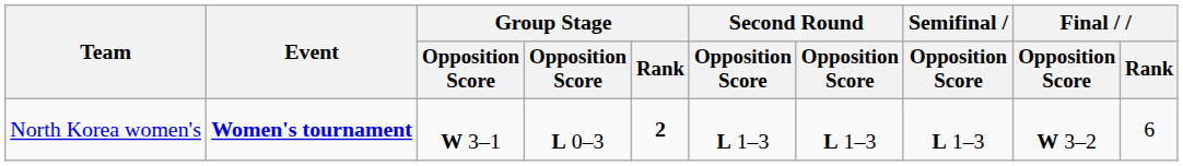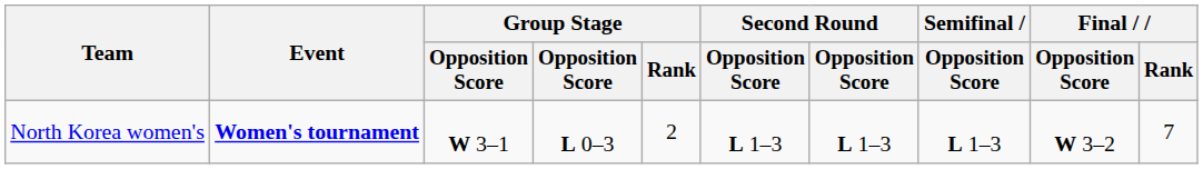 <table class=wikitable style=font-size:90%;text-align:center>
 <tr>
 <th rowspan=2>Team</th>
 <th rowspan=2>Event</th>
 <th colspan="3">Group Stage</th>
 <th colspan="2">Second Round</th>
 <th>Semifinal / </th>
 <th colspan="3">Final /  / </th>
 </tr>
 <tr style=font-size:95%>
 <th>Opposition<br>Score</th>
 <th>Opposition<br>Score</th>
 <th>Rank</th>
 <th>Opposition<br>Score</th>
 <th>Opposition<br>Score</th>
 <th>Opposition<br>Score</th>
 <th>Opposition<br>Score</th>
 <th>Rank</th>
 </tr>
 <tr>
 <td align=left><a href='#'>North Korea women's</a></td>
 <td align=left><strong><a href='#'>Women's tournament</a></strong></td>
 <td><br><strong>W</strong> 3–1</td>
 <td><br><strong>L</strong> 0–3</td>
-<td><strong>2</strong></td>
+<td>2</td>
 <td><br><strong>L</strong> 1–3</td>
 <td><br><strong>L</strong> 1–3</td>
 <td><br><strong>L</strong> 1–3</td>
 <td><br><strong>W</strong> 3–2</td>
-<td>6</td>
+<td>7</td>
 </tr>
 </table>
